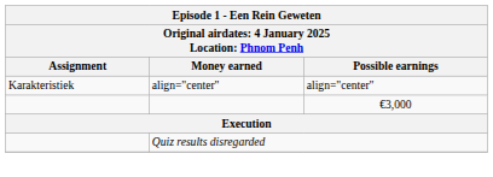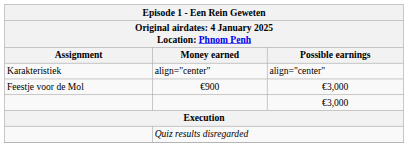 <table class="wikitable" style="font-size: 95%; margin: 10px" align="right" width="40%">
 <tr>
 <th colspan=3>Episode 1 - Een Rein Geweten</th>
 </tr>
 <tr>
 <th colspan=3>Original airdates: 4 January 2025<br>Location: <a href='#'>Phnom Penh</a></th>
 </tr>
 <tr>
 <th>Assignment</th>
 <th>Money earned</th>
 <th>Possible earnings</th>
 </tr>
 <tr f>
 <td>Karakteristiek</td>
 <td>align="center" </td>
 <td>align="center" </td>
 </tr>
 <tr>
+<td>Feestje voor de Mol</td>
+<td align="center">€900</td>
+<td align="center">€3,000</td>
+</tr>
+<tr>
 <td><strong></strong></td>
 <td align="center"><strong></strong></td>
 <td align="center">€3,000</td>
 </tr>
 <tr>
 <th colspan=3>Execution</th>
 </tr>
 <tr>
 <td></td>
 <td colspan="2"><em>Quiz results disregarded</em></td>
 </tr>
 <tr>
 </tr>
 </table>
